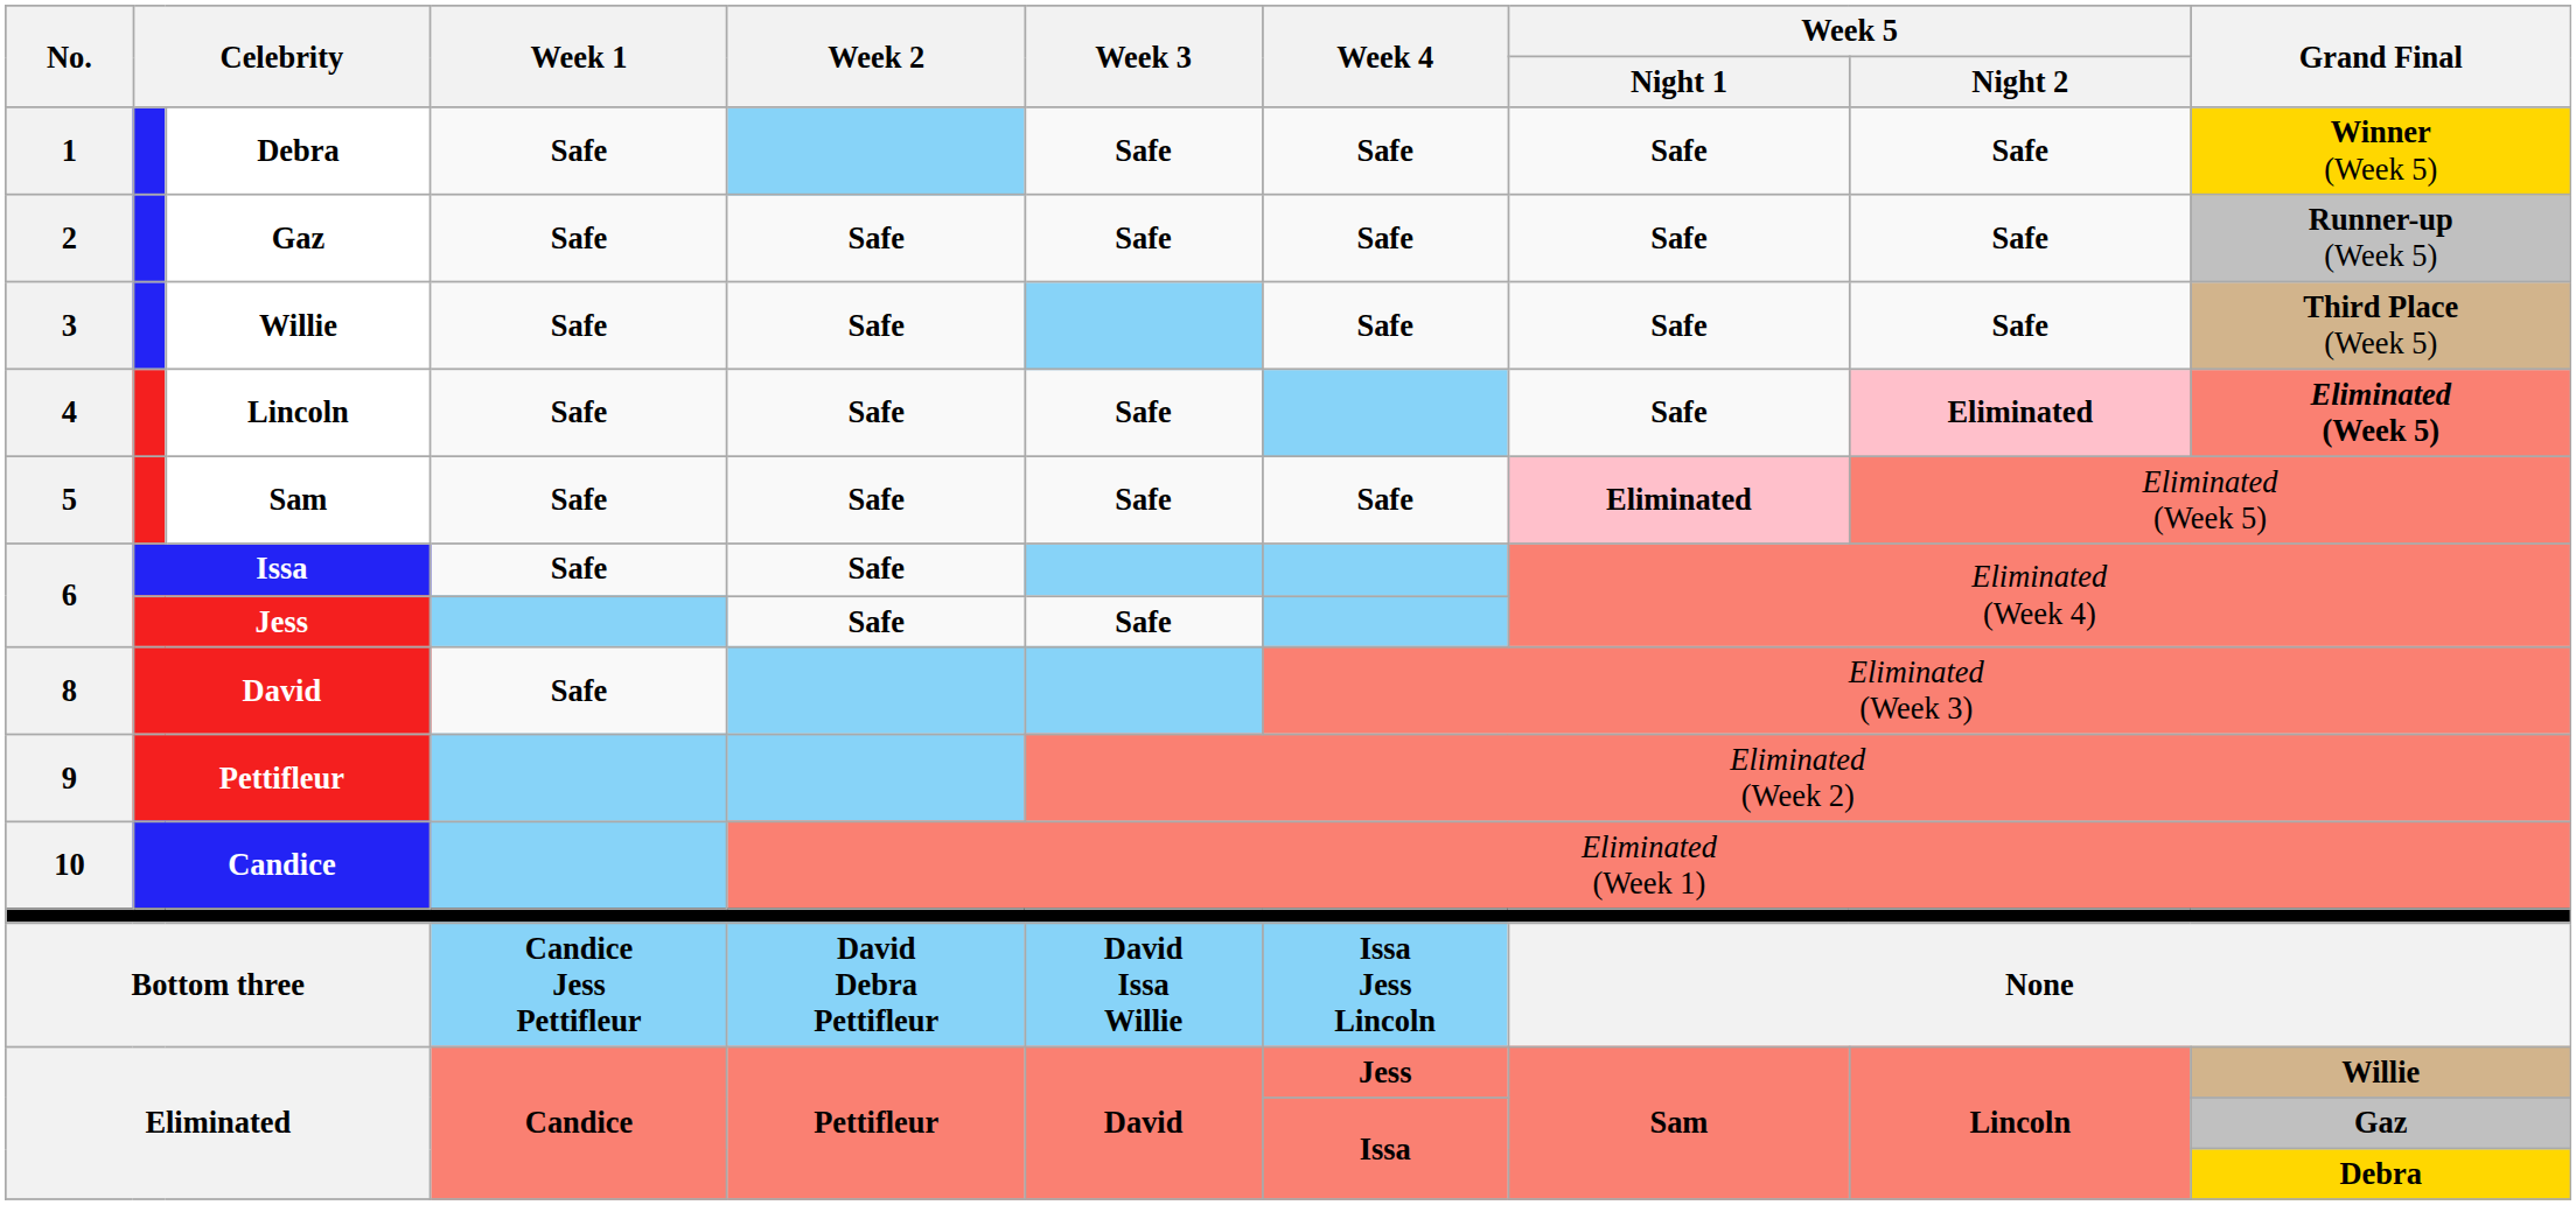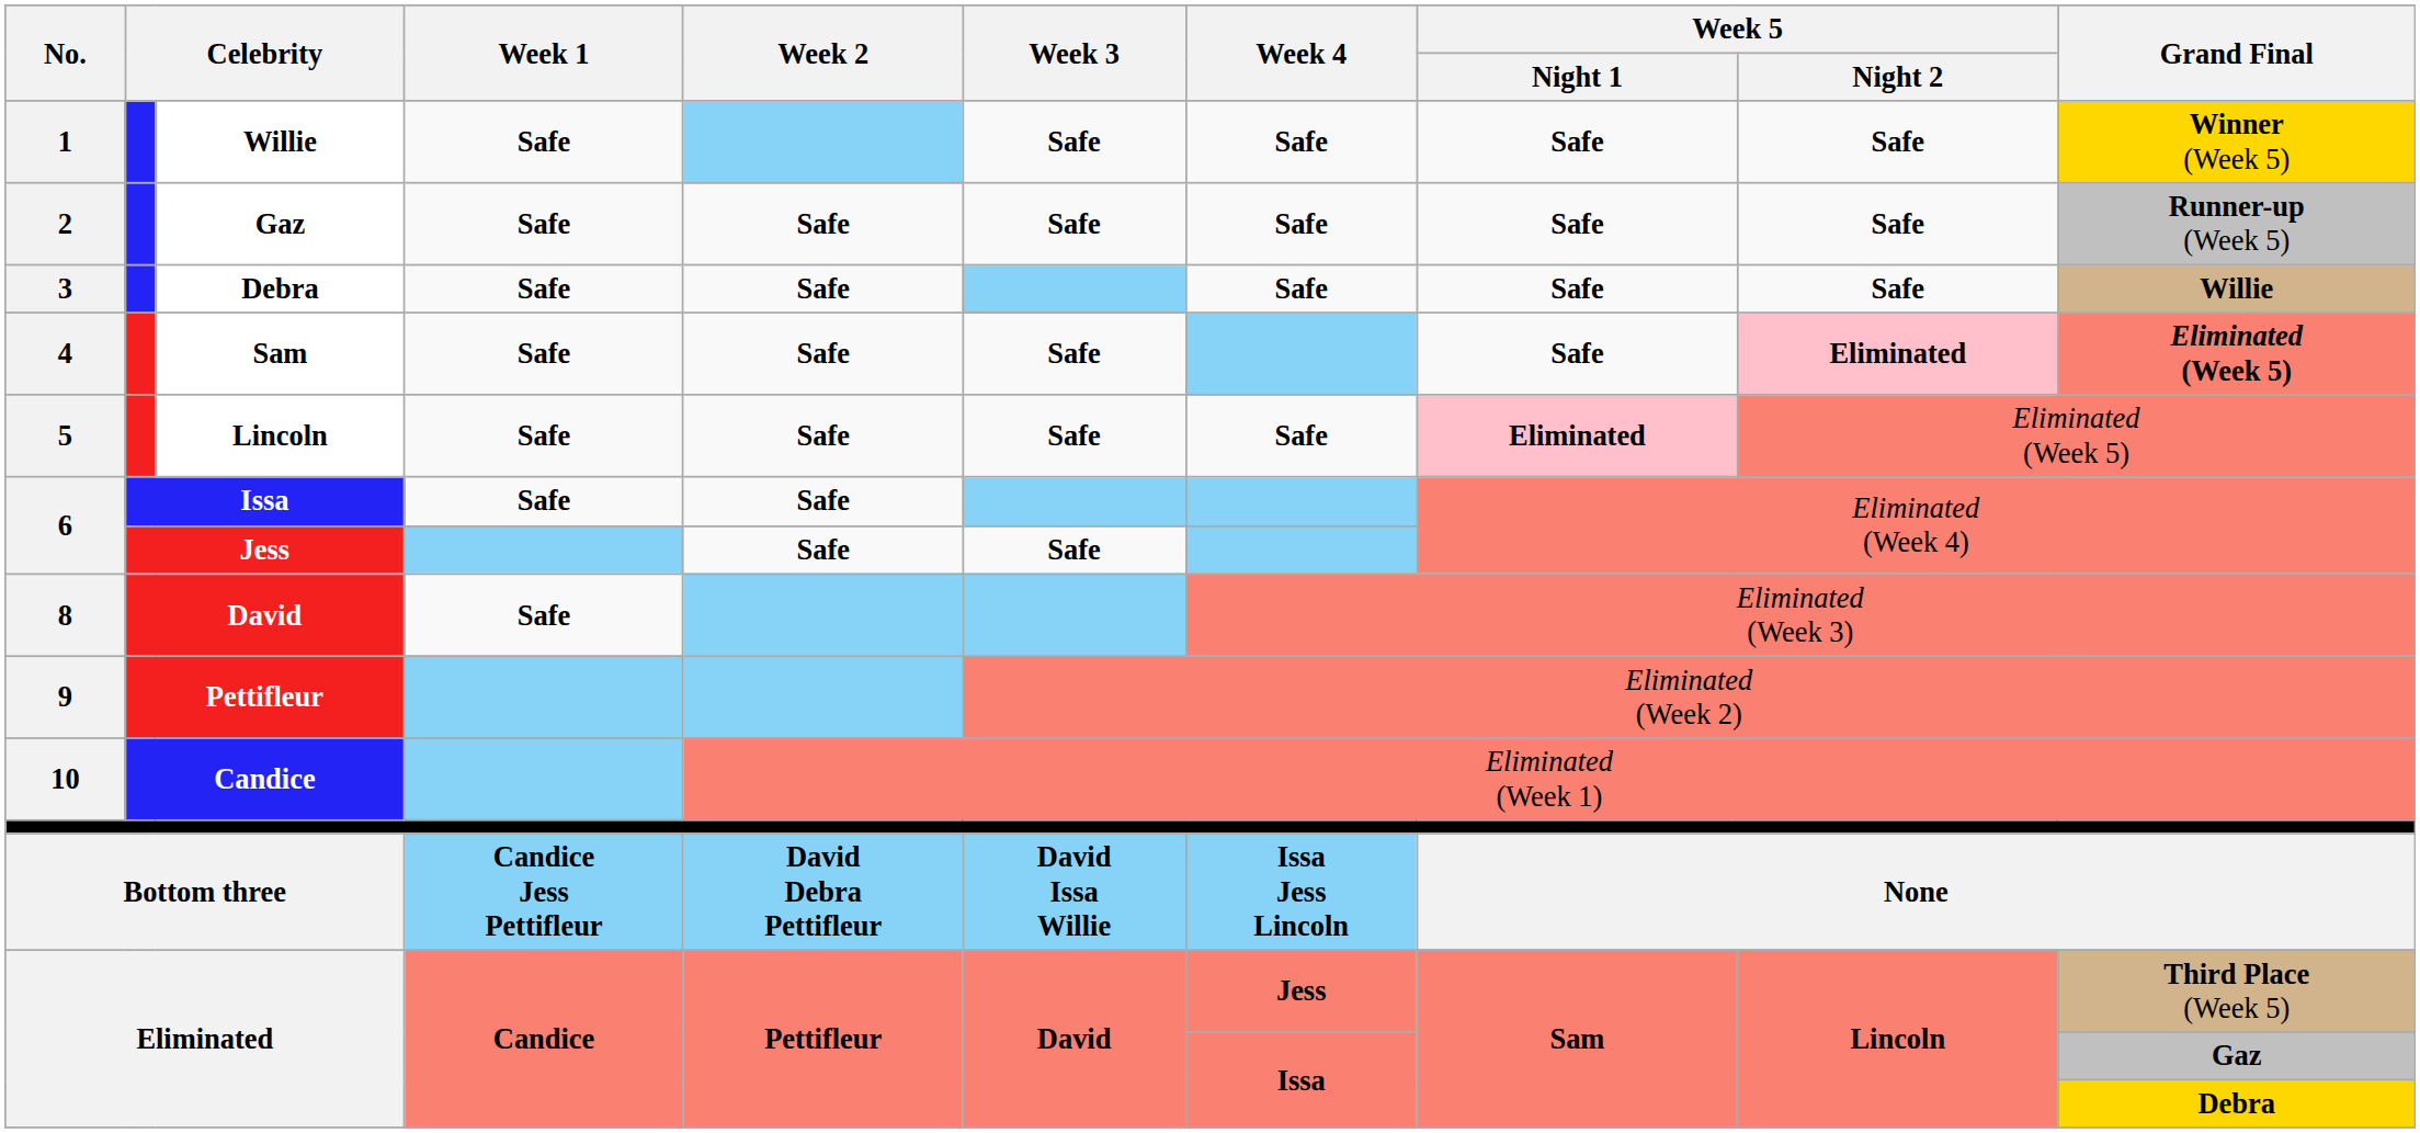 <table class="wikitable" style="text-align:center; font-size:95%; width:100%;">
 <tr>
 <th colspan=1 rowspan=2>No.</th>
 <th colspan=2 rowspan=2>Celebrity</th>
 <th rowspan=2>Week 1</th>
 <th rowspan=2>Week 2</th>
 <th rowspan=2>Week 3</th>
 <th rowspan=2>Week 4</th>
 <th colspan=2>Week 5</th>
 <th rowspan=2>Grand Final</th>
 </tr>
 <tr>
 <th>Night 1</th>
 <th>Night 2</th>
 </tr>
 <tr>
 <th>1</th>
 <th style="background:#2323F5"></th>
-<th style="background:#FFFFFF">Debra</th>
+<th style="background:#FFFFFF">Willie</th>
 <td><strong>Safe</strong></td>
 <td style="background:#87D3F8"></td>
 <td><strong>Safe</strong></td>
 <td><strong>Safe</strong></td>
 <td><strong>Safe</strong></td>
 <td><strong>Safe</strong></td>
 <td style=background:gold><strong>Winner</strong><br>(Week 5)</td>
 </tr>
 <tr>
 <th>2</th>
 <th style="background:#2323F5"></th>
 <th style="background:#FFFFFF">Gaz</th>
 <td><strong>Safe</strong></td>
 <td><strong>Safe</strong></td>
 <td><strong>Safe</strong></td>
 <td><strong>Safe</strong></td>
 <td><strong>Safe</strong></td>
 <td><strong>Safe</strong></td>
 <td style=background:silver><strong>Runner-up</strong><br>(Week 5)</td>
 </tr>
 <tr>
 <th>3</th>
 <th style="background:#2323F5"></th>
-<th style="background:#FFFFFF">Willie</th>
+<th style="background:#FFFFFF">Debra</th>
 <td><strong>Safe</strong></td>
 <td><strong>Safe</strong></td>
 <td style="background:#87D3F8"></td>
 <td><strong>Safe</strong></td>
 <td><strong>Safe</strong></td>
 <td><strong>Safe</strong></td>
-<td style=background:tan><strong>Third Place</strong><br>(Week 5)</td>
+<td style=background:tan><strong>Willie</strong></td>
 </tr>
 <tr>
 <th>4</th>
 <th style="background:#F41F1F"></th>
-<th style="background:#FFFFFF">Lincoln</th>
+<th style="background:#FFFFFF">Sam</th>
 <td><strong>Safe</strong></td>
 <td><strong>Safe</strong></td>
 <td><strong>Safe</strong></td>
 <td style="background:#87D3F8"></td>
 <td><strong>Safe</strong></td>
 <td style="background:pink"><strong>Eliminated</strong></td>
 <td style=background:salmon><strong><em>Eliminated</em><br>(Week 5)</strong></td>
 </tr>
 <tr>
 <th>5</th>
 <th style="background:#F41F1F"></th>
-<th style="background:#FFFFFF">Sam</th>
+<th style="background:#FFFFFF">Lincoln</th>
 <td><strong>Safe</strong></td>
 <td><strong>Safe</strong></td>
 <td><strong>Safe</strong></td>
 <td><strong>Safe</strong></td>
 <td style="background:pink"><strong>Eliminated</strong></td>
 <td colspan="2" style=background:salmon><em>Eliminated</em><br>(Week 5)</td>
 </tr>
 <tr>
 <th rowspan="2">6</th>
 <th colspan="2" style="background:#2323F5; color:#fff">Issa</th>
 <td><strong>Safe</strong></td>
 <td><strong>Safe</strong></td>
 <td style="background:#87D3F8"></td>
 <td style="background:#87D3F8"></td>
 <td colspan="3" rowspan="2" style="background:salmon"><em>Eliminated</em><br>(Week 4)</td>
 </tr>
 <tr>
 <th colspan="2" style="background:#F41F1F; color:#fff">Jess</th>
 <td style="background:#87D3F8"></td>
 <td><strong>Safe</strong></td>
 <td><strong>Safe</strong></td>
 <td style="background:#87D3F8"></td>
 </tr>
 <tr>
 <th>8</th>
 <th colspan="2" style="background:#F41F1F; color:#fff">David</th>
 <td><strong>Safe</strong></td>
 <td style="background:#87D3F8"></td>
 <td style="background:#87D3F8"></td>
 <td colspan="4" style=background:salmon><em>Eliminated</em><br>(Week 3)</td>
 </tr>
 <tr>
 <th>9</th>
 <th colspan="2" style="background:#F41F1F; color:#fff">Pettifleur</th>
 <td style="background:#87D3F8"></td>
 <td style="background:#87D3F8"></td>
 <td colspan="5" style=background:salmon><em>Eliminated</em><br>(Week 2)</td>
 </tr>
 <tr>
 <th>10</th>
 <th colspan="2" style="background:#2323F5; color:#fff">Candice</th>
 <td style="background:#87D3F8"></td>
 <td colspan="6" style=background:salmon><em>Eliminated</em><br>(Week 1)</td>
 </tr>
 <tr>
 <td style="background:#000;" colspan="10"></td>
 </tr>
 <tr>
 <th colspan=3>Bottom three</th>
 <th style="background:#87D3F8">Candice<br>Jess<br>Pettifleur</th>
 <th style="background:#87D3F8">David<br>Debra<br>Pettifleur</th>
 <th style="background:#87D3F8">David<br>Issa<br>Willie</th>
 <th style="background:#87D3F8">Issa<br>Jess<br>Lincoln</th>
 <th colspan=3>None</th>
 </tr>
 <tr>
 <th colspan=3 rowspan="4">Eliminated</th>
 <td rowspan="4" style=background:salmon><strong>Candice</strong></td>
 <td rowspan="4" style=background:salmon><strong>Pettifleur</strong></td>
 <td rowspan="4" style=background:salmon><strong>David</strong></td>
 <td rowspan="2" style=background:salmon><strong>Jess</strong></td>
 <td rowspan="4" style=background:salmon><strong>Sam</strong></td>
 <td rowspan="4" style=background:salmon><strong>Lincoln</strong></td>
-<td style=background:tan><strong>Willie</strong></td>
+<td style=background:tan><strong>Third Place</strong><br>(Week 5)</td>
 </tr>
 <tr>
 <td rowspan="2" style=background:silver><strong>Gaz</strong></td>
 </tr>
 <tr>
 <td rowspan="2" style=background:salmon><strong>Issa</strong></td>
 </tr>
 <tr>
 <td style=background:gold><strong>Debra</strong></td>
 </tr>
 </table>
